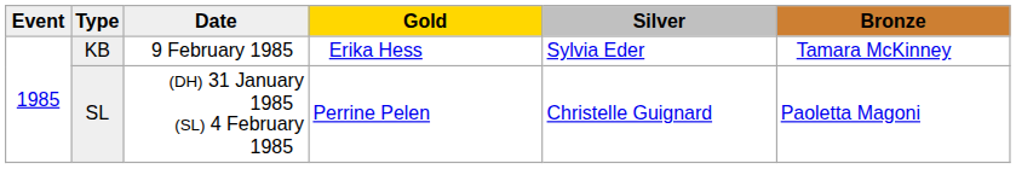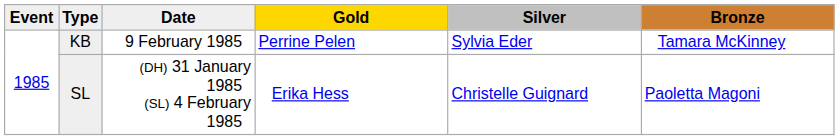 <table class="wikitable plainrowheaders" style="background:#fff; font-size:86%; line-height:15px; border:grey solid 1px; border-collapse:collapse;">
 <tr>
 <th style="background-color: #EFEFEF;" width="40">Event</th>
 <th style="background-color: #EFEFEF;" width="30">Type</th>
 <th style="background-color: #EFEFEF;" width="125">Date</th>
 <th style="background-color: #FFD700;" width="160">Gold</th>
 <th style="background-color: #C0C0C0;" width="160">Silver</th>
 <th style="background-color: #CD7F32;" width="160">Bronze</th>
 </tr>
 <tr>
 <td align=center rowspan=2><a href='#'>1985</a></td>
 <td align=center bgcolor=#EFEFEF>KB</td>
 <td align=right>9 February 1985  </td>
-<td>   <a href='#'>Erika Hess</a></td>
+<td> <a href='#'>Perrine Pelen</a></td>
 <td> <a href='#'>Sylvia Eder</a></td>
 <td>   <a href='#'>Tamara McKinney</a></td>
 </tr>
 <tr>
 <td align=center bgcolor=#EFEFEF>SL</td>
 <td align=right><small>(DH)</small> 31 January 1985  <br><small>(SL)</small> 4 February 1985  </td>
-<td> <a href='#'>Perrine Pelen</a></td>
+<td>   <a href='#'>Erika Hess</a></td>
 <td> <a href='#'>Christelle Guignard</a></td>
 <td> <a href='#'>Paoletta Magoni</a></td>
 </tr>
 </table>
